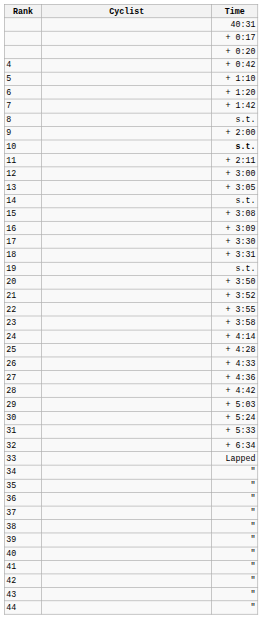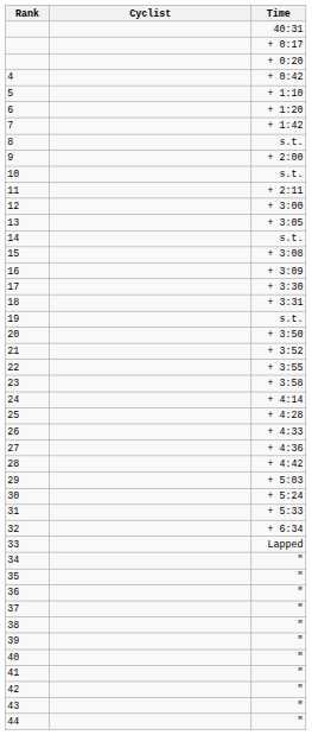 <table class="wikitable">
 <tr>
 <th style="width: 4em;">Rank</th>
 <th style="width: 20em;">Cyclist</th>
 <th style="width: 5em;">Time</th>
 </tr>
 <tr>
 <td></td>
 <td></td>
 <td align="right">40:31</td>
 </tr>
 <tr>
 <td></td>
 <td></td>
 <td align="right">+ 0:17</td>
 </tr>
 <tr>
 <td></td>
 <td></td>
 <td align="right">+ 0:20</td>
 </tr>
 <tr>
 <td>4</td>
 <td></td>
 <td align="right">+ 0:42</td>
 </tr>
 <tr>
 <td>5</td>
 <td></td>
 <td align="right">+ 1:10</td>
 </tr>
 <tr>
 <td>6</td>
 <td></td>
 <td align="right">+ 1:20</td>
 </tr>
 <tr>
 <td>7</td>
 <td></td>
 <td align="right">+ 1:42</td>
 </tr>
 <tr>
 <td>8</td>
 <td></td>
 <td align="right">s.t.</td>
 </tr>
 <tr>
 <td>9</td>
 <td></td>
 <td align="right">+ 2:00</td>
 </tr>
 <tr>
 <td>10</td>
 <td></td>
-<td align="right"><strong>s.t.</strong></td>
+<td align="right">s.t.</td>
 </tr>
 <tr>
 <td>11</td>
 <td></td>
 <td align="right">+ 2:11</td>
 </tr>
 <tr>
 <td>12</td>
 <td></td>
 <td align="right">+ 3:00</td>
 </tr>
 <tr>
 <td>13</td>
 <td></td>
 <td align="right">+ 3:05</td>
 </tr>
 <tr>
 <td>14</td>
 <td></td>
 <td align="right">s.t.</td>
 </tr>
 <tr>
 <td>15</td>
 <td></td>
 <td align="right">+ 3:08</td>
 </tr>
 <tr>
 <td>16</td>
 <td></td>
 <td align="right">+ 3:09</td>
 </tr>
 <tr>
 <td>17</td>
 <td></td>
 <td align="right">+ 3:30</td>
 </tr>
 <tr>
 <td>18</td>
 <td></td>
 <td align="right">+ 3:31</td>
 </tr>
 <tr>
 <td>19</td>
 <td></td>
 <td align="right">s.t.</td>
 </tr>
 <tr>
 <td>20</td>
 <td></td>
 <td align="right">+ 3:50</td>
 </tr>
 <tr>
 <td>21</td>
 <td></td>
 <td align="right">+ 3:52</td>
 </tr>
 <tr>
 <td>22</td>
 <td></td>
 <td align="right">+ 3:55</td>
 </tr>
 <tr>
 <td>23</td>
 <td></td>
 <td align="right">+ 3:58</td>
 </tr>
 <tr>
 <td>24</td>
 <td></td>
 <td align="right">+ 4:14</td>
 </tr>
 <tr>
 <td>25</td>
 <td></td>
 <td align="right">+ 4:28</td>
 </tr>
 <tr>
 <td>26</td>
 <td></td>
 <td align="right">+ 4:33</td>
 </tr>
 <tr>
 <td>27</td>
 <td></td>
 <td align="right">+ 4:36</td>
 </tr>
 <tr>
 <td>28</td>
 <td></td>
 <td align="right">+ 4:42</td>
 </tr>
 <tr>
 <td>29</td>
 <td></td>
 <td align="right">+ 5:03</td>
 </tr>
 <tr>
 <td>30</td>
 <td></td>
 <td align="right">+ 5:24</td>
 </tr>
 <tr>
 <td>31</td>
 <td></td>
 <td align="right">+ 5:33</td>
 </tr>
 <tr>
 <td>32</td>
 <td></td>
 <td align="right">+ 6:34</td>
 </tr>
 <tr>
 <td>33</td>
 <td></td>
 <td align="right">Lapped</td>
 </tr>
 <tr>
 <td>34</td>
 <td></td>
 <td align="right">"</td>
 </tr>
 <tr>
 <td>35</td>
 <td></td>
 <td align="right">"</td>
 </tr>
 <tr>
 <td>36</td>
 <td></td>
 <td align="right">"</td>
 </tr>
 <tr>
 <td>37</td>
 <td></td>
 <td align="right">"</td>
 </tr>
 <tr>
 <td>38</td>
 <td></td>
 <td align="right">"</td>
 </tr>
 <tr>
 <td>39</td>
 <td></td>
 <td align="right">"</td>
 </tr>
 <tr>
 <td>40</td>
 <td></td>
 <td align="right">"</td>
 </tr>
 <tr>
 <td>41</td>
 <td></td>
 <td align="right">"</td>
 </tr>
 <tr>
 <td>42</td>
 <td></td>
 <td align="right">"</td>
 </tr>
 <tr>
 <td>43</td>
 <td></td>
 <td align="right">"</td>
 </tr>
 <tr>
 <td>44</td>
 <td></td>
 <td align="right">"</td>
 </tr>
 </table>
